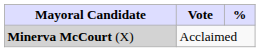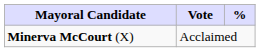 <table class="wikitable">
 <tr>
 <th style="background:#ddf; width:200px;">Mayoral Candidate</th>
 <th style="background:#ddf; width:50px;">Vote</th>
 <th style="background:#ddf; width:30px;">%</th>
 </tr>
 <tr>
-<td style="background: lightgrey;"><strong>Minerva McCourt</strong> (X)</td>
+<td><strong>Minerva McCourt</strong> (X)</td>
 <td colspan="2">Acclaimed</td>
 </tr>
 </table>
